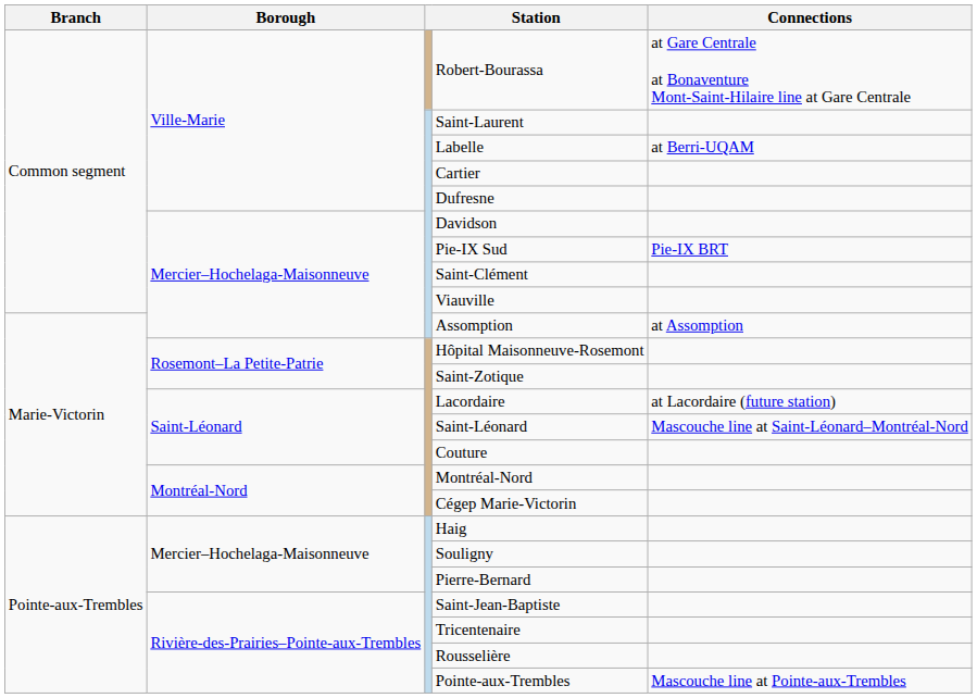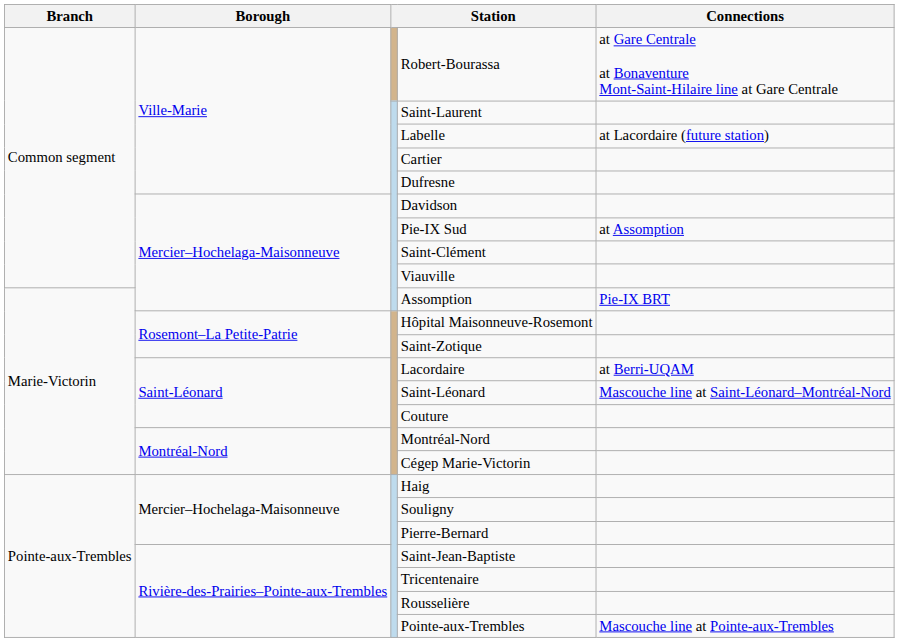 <table class="wikitable">
 <tr>
 <th>Branch</th>
 <th>Borough</th>
 <th colspan=2>Station</th>
 <th>Connections</th>
 </tr>
 <tr>
 <td rowspan=9>Common segment</td>
 <td rowspan=5><a href='#'>Ville-Marie</a></td>
 <td style="background-color:#D2B48C"></td>
 <td>Robert-Bourassa </td>
 <td>  at <a href='#'>Gare Centrale</a><br><br>  at <a href='#'>Bonaventure</a><br>  <a href='#'>Mont-Saint-Hilaire line</a> at Gare Centrale</td>
 </tr>
 <tr>
 <td rowspan="9"; style="background-color:#BEDBED"></td>
 <td>Saint-Laurent</td>
 <td></td>
 </tr>
 <tr>
 <td>Labelle</td>
-<td>    at <a href='#'>Berri-UQAM</a></td>
+<td>  at Lacordaire (<a href='#'>future station</a>)</td>
 </tr>
 <tr>
 <td>Cartier</td>
 <td></td>
 </tr>
 <tr>
 <td>Dufresne</td>
 <td></td>
 </tr>
 <tr>
 <td rowspan=5><a href='#'>Mercier–Hochelaga-Maisonneuve</a></td>
 <td>Davidson</td>
 <td></td>
 </tr>
 <tr>
 <td>Pie-IX Sud</td>
-<td> <a href='#'>Pie-IX BRT</a></td>
+<td>  at <a href='#'>Assomption</a></td>
 </tr>
 <tr>
 <td>Saint-Clément</td>
 <td></td>
 </tr>
 <tr>
 <td>Viauville</td>
 <td></td>
 </tr>
 <tr>
 <td rowspan=8>Marie-Victorin</td>
 <td>Assomption</td>
-<td>  at <a href='#'>Assomption</a></td>
+<td> <a href='#'>Pie-IX BRT</a></td>
 </tr>
 <tr>
 <td rowspan=2><a href='#'>Rosemont–La Petite-Patrie</a></td>
 <td rowspan="7"; style="background-color:#D2B48C"></td>
 <td>Hôpital Maisonneuve-Rosemont</td>
 <td></td>
 </tr>
 <tr>
 <td>Saint-Zotique</td>
 <td></td>
 </tr>
 <tr>
 <td rowspan=3><a href='#'>Saint-Léonard</a></td>
 <td>Lacordaire</td>
-<td>  at Lacordaire (<a href='#'>future station</a>)</td>
+<td>    at <a href='#'>Berri-UQAM</a></td>
 </tr>
 <tr>
 <td>Saint-Léonard</td>
 <td> <a href='#'>Mascouche line</a> at <a href='#'>Saint-Léonard–Montréal-Nord</a></td>
 </tr>
 <tr>
 <td>Couture</td>
 <td></td>
 </tr>
 <tr>
 <td rowspan=2><a href='#'>Montréal-Nord</a></td>
 <td>Montréal-Nord</td>
 <td></td>
 </tr>
 <tr>
 <td>Cégep Marie-Victorin </td>
 <td></td>
 </tr>
 <tr>
 <td rowspan=7>Pointe-aux-Trembles</td>
 <td rowspan=3>Mercier–Hochelaga-Maisonneuve</td>
 <td rowspan="7"; style="background-color:#BEDBED"></td>
 <td>Haig</td>
 <td></td>
 </tr>
 <tr>
 <td>Souligny</td>
 <td></td>
 </tr>
 <tr>
 <td>Pierre-Bernard</td>
 <td></td>
 </tr>
 <tr>
 <td rowspan=4><a href='#'>Rivière-des-Prairies–Pointe-aux-Trembles</a></td>
 <td>Saint-Jean-Baptiste</td>
 <td></td>
 </tr>
 <tr>
 <td>Tricentenaire</td>
 <td></td>
 </tr>
 <tr>
 <td>Rousselière</td>
 <td></td>
 </tr>
 <tr>
 <td>Pointe-aux-Trembles </td>
 <td> <a href='#'>Mascouche line</a> at <a href='#'>Pointe-aux-Trembles</a></td>
 </tr>
 </table>
